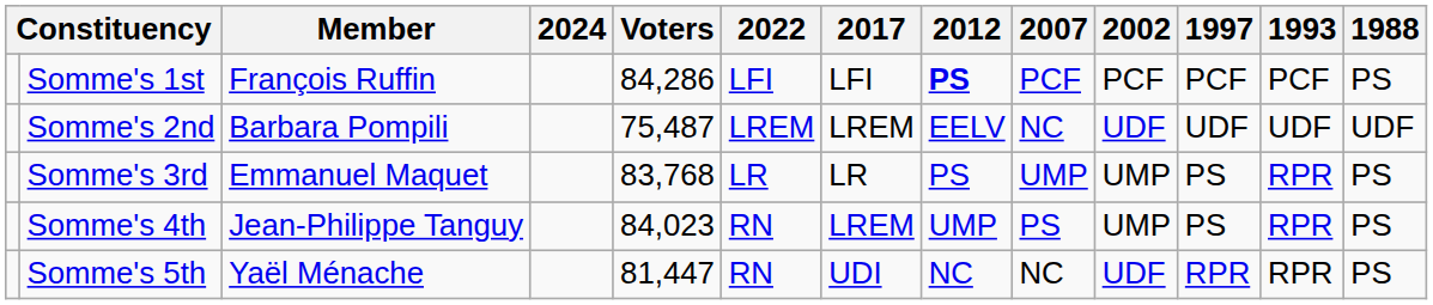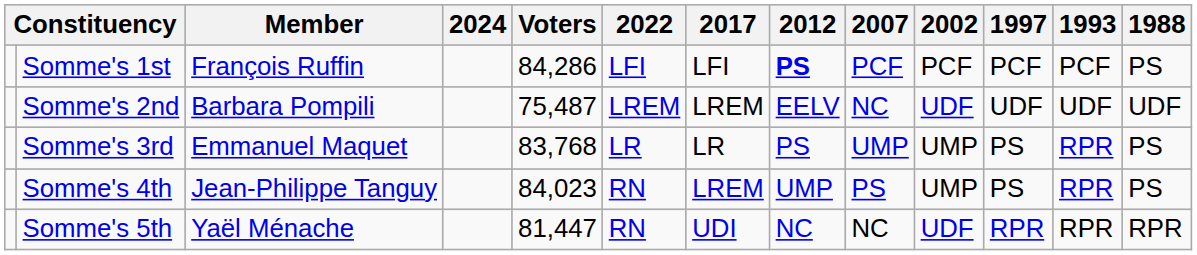 <table class="wikitable sortable">
 <tr>
 <th colspan="2">Constituency</th>
 <th>Member</th>
 <th>2024</th>
 <th>Voters</th>
 <th>2022</th>
 <th>2017</th>
 <th>2012</th>
 <th>2007</th>
 <th>2002</th>
 <th>1997</th>
 <th>1993</th>
 <th>1988</th>
 </tr>
 <tr>
 <td style="background-color: "></td>
 <td><a href='#'>Somme's 1st</a></td>
 <td><a href='#'>François Ruffin</a></td>
 <td></td>
 <td>84,286</td>
 <td><a href='#'>LFI</a></td>
 <td>LFI</td>
 <td><strong><a href='#'>PS</a></strong></td>
 <td><a href='#'>PCF</a></td>
 <td>PCF</td>
 <td>PCF</td>
 <td>PCF</td>
 <td>PS</td>
 </tr>
 <tr>
 <td style="background-color: "></td>
 <td><a href='#'>Somme's 2nd</a></td>
 <td><a href='#'>Barbara Pompili</a></td>
 <td></td>
 <td>75,487</td>
 <td><a href='#'>LREM</a></td>
 <td>LREM</td>
 <td><a href='#'>EELV</a></td>
 <td><a href='#'>NC</a></td>
 <td><a href='#'>UDF</a></td>
 <td>UDF</td>
 <td>UDF</td>
 <td>UDF</td>
 </tr>
 <tr>
 <td style="background-color: "></td>
 <td><a href='#'>Somme's 3rd</a></td>
 <td><a href='#'>Emmanuel Maquet</a></td>
 <td></td>
 <td>83,768</td>
 <td><a href='#'>LR</a></td>
 <td>LR</td>
 <td><a href='#'>PS</a></td>
 <td><a href='#'>UMP</a></td>
 <td>UMP</td>
 <td>PS</td>
 <td><a href='#'>RPR</a></td>
 <td>PS</td>
 </tr>
 <tr>
 <td style="background-color: "></td>
 <td><a href='#'>Somme's 4th</a></td>
 <td><a href='#'>Jean-Philippe Tanguy</a></td>
 <td></td>
 <td>84,023</td>
 <td><a href='#'>RN</a></td>
 <td><a href='#'>LREM</a></td>
 <td><a href='#'>UMP</a></td>
 <td><a href='#'>PS</a></td>
 <td>UMP</td>
 <td>PS</td>
 <td><a href='#'>RPR</a></td>
 <td>PS</td>
 </tr>
 <tr>
 <td style="background-color: "></td>
 <td><a href='#'>Somme's 5th</a></td>
 <td><a href='#'>Yaël Ménache</a></td>
 <td></td>
 <td>81,447</td>
 <td><a href='#'>RN</a></td>
 <td><a href='#'>UDI</a></td>
 <td><a href='#'>NC</a></td>
 <td>NC</td>
 <td><a href='#'>UDF</a></td>
 <td><a href='#'>RPR</a></td>
 <td>RPR</td>
-<td>PS</td>
+<td>RPR</td>
 </tr>
 </table>
